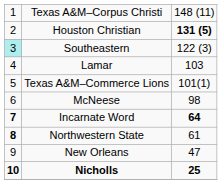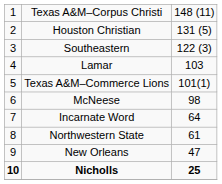 <table class="wikitable">
 <tr align="center">
 <td>1</td>
 <td>Texas A&M–Corpus Christi</td>
 <td>148 (11)</td>
 </tr>
 <tr align="center">
 <td>2</td>
 <td>Houston Christian</td>
-<td><strong>131 (5)</strong></td>
+<td>131 (5)</td>
 </tr>
 <tr align="center">
-<td style="background: paleturquoise;">3</td>
+<td>3</td>
 <td>Southeastern</td>
 <td>122 (3)</td>
 </tr>
 <tr align="center">
 <td>4</td>
 <td>Lamar</td>
 <td>103</td>
 </tr>
 <tr align="center">
 <td>5</td>
 <td>Texas A&M–Commerce Lions</td>
 <td>101(1)</td>
 </tr>
 <tr align="center">
 <td>6</td>
 <td>McNeese</td>
 <td>98</td>
 </tr>
 <tr align="center">
-<td><strong>7</strong></td>
+<td>7</td>
 <td>Incarnate Word</td>
-<td><strong>64</strong></td>
+<td>64</td>
 </tr>
 <tr align="center">
-<td><strong>8</strong></td>
+<td>8</td>
 <td>Northwestern State</td>
 <td>61</td>
 </tr>
 <tr align="center">
 <td>9</td>
 <td>New Orleans</td>
 <td>47</td>
 </tr>
 <tr align="center">
 <td><strong>10</strong></td>
 <td><strong>Nicholls</strong></td>
 <td><strong>25</strong></td>
 </tr>
 <tr align="center">
 </tr>
 </table>
